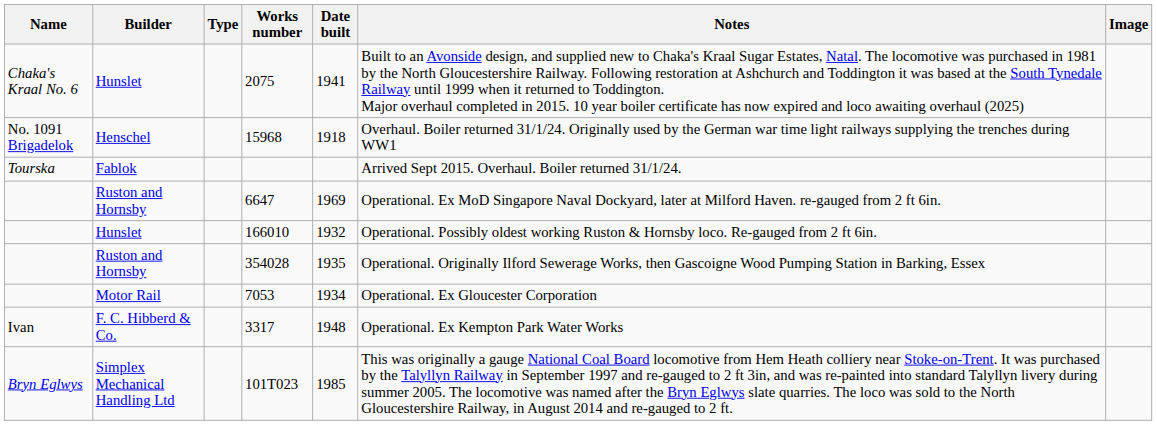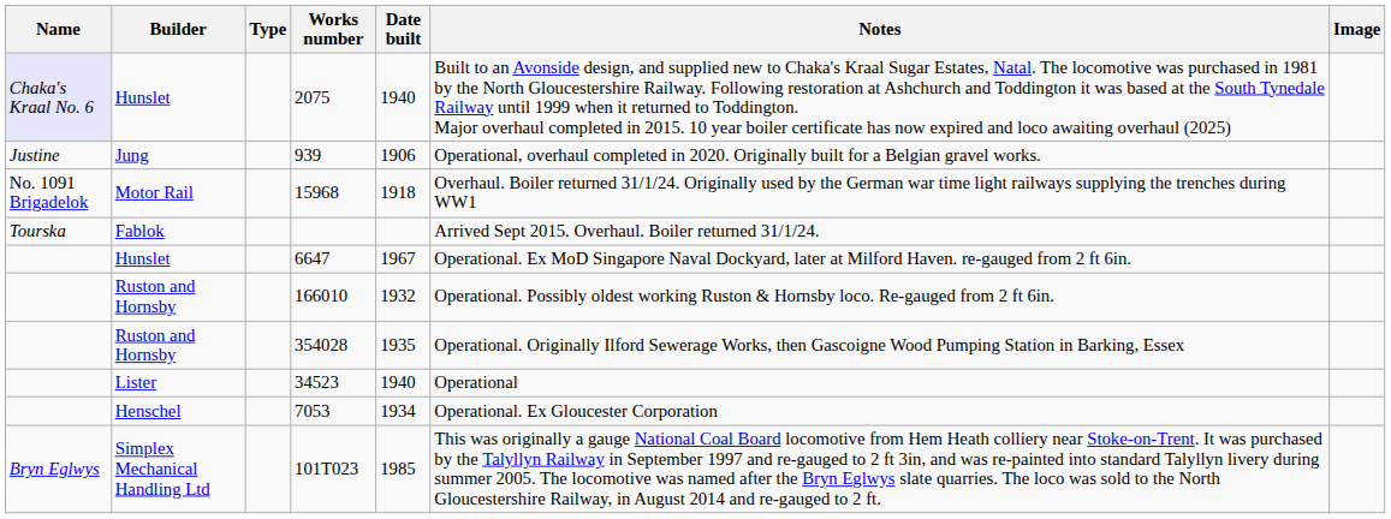 <table class="wikitable">
 <tr>
 <th>Name</th>
 <th>Builder</th>
 <th>Type</th>
 <th>Works number</th>
 <th>Date built</th>
 <th>Notes</th>
 <th>Image</th>
 </tr>
 <tr>
-<td><em>Chaka's Kraal No. 6</em></td>
+<td style="background: lavender;"><em>Chaka's Kraal No. 6</em></td>
 <td><a href='#'>Hunslet</a></td>
 <td></td>
 <td>2075</td>
-<td>1941</td>
+<td>1940</td>
 <td>Built to an <a href='#'>Avonside</a> design, and supplied new to Chaka's Kraal Sugar Estates, <a href='#'>Natal</a>. The locomotive was purchased in 1981 by the North Gloucestershire Railway. Following restoration at Ashchurch and Toddington it was based at the <a href='#'>South Tynedale Railway</a> until 1999 when it returned to Toddington.<br>Major overhaul completed in 2015. 10 year boiler certificate has now expired and loco awaiting overhaul (2025)</td>
 <td></td>
 </tr>
 <tr>
+<td><em>Justine</em></td>
+<td><a href='#'>Jung</a></td>
+<td></td>
+<td>939</td>
+<td>1906</td>
+<td>Operational, overhaul completed in 2020. Originally built for a Belgian gravel works.</td>
+<td></td>
+</tr>
+<tr>
 <td>No. 1091 <a href='#'>Brigadelok</a></td>
-<td><a href='#'>Henschel</a></td>
+<td><a href='#'>Motor Rail</a></td>
 <td></td>
 <td>15968</td>
 <td>1918</td>
 <td>Overhaul. Boiler returned 31/1/24. Originally used by the German war time light railways supplying the trenches during WW1</td>
 <td></td>
 </tr>
 <tr>
 <td><em>Tourska</em></td>
 <td><a href='#'>Fablok</a></td>
 <td></td>
 <td></td>
 <td></td>
 <td>Arrived Sept 2015. Overhaul. Boiler returned 31/1/24.</td>
 <td></td>
 </tr>
 <tr>
 <td></td>
-<td><a href='#'>Ruston and Hornsby</a></td>
+<td><a href='#'>Hunslet</a></td>
 <td></td>
 <td>6647</td>
-<td>1969</td>
+<td>1967</td>
 <td>Operational. Ex MoD Singapore Naval Dockyard, later at Milford Haven. re-gauged from 2 ft 6in.</td>
 <td></td>
 </tr>
 <tr>
 <td></td>
-<td><a href='#'>Hunslet</a></td>
+<td><a href='#'>Ruston and Hornsby</a></td>
 <td></td>
 <td>166010</td>
 <td>1932</td>
 <td>Operational. Possibly oldest working Ruston & Hornsby loco. Re-gauged from 2 ft 6in.</td>
 <td></td>
 </tr>
 <tr>
 <td></td>
 <td><a href='#'>Ruston and Hornsby</a></td>
 <td></td>
 <td>354028</td>
 <td>1935</td>
 <td>Operational. Originally Ilford Sewerage Works, then Gascoigne Wood Pumping Station in Barking, Essex</td>
 <td></td>
 </tr>
 <tr>
 <td></td>
-<td><a href='#'>Motor Rail</a></td>
+<td><a href='#'>Lister</a></td>
+<td></td>
+<td>34523</td>
+<td>1940</td>
+<td>Operational</td>
+<td></td>
+</tr>
+<tr>
+<td></td>
+<td><a href='#'>Henschel</a></td>
 <td></td>
 <td>7053</td>
 <td>1934</td>
 <td>Operational. Ex Gloucester Corporation</td>
-<td></td>
-</tr>
-<tr>
-<td>Ivan</td>
-<td><a href='#'>F. C. Hibberd & Co.</a></td>
-<td></td>
-<td>3317</td>
-<td>1948</td>
-<td>Operational. Ex Kempton Park Water Works</td>
 <td></td>
 </tr>
 <tr>
 <td><em><a href='#'>Bryn Eglwys</a></em></td>
 <td><a href='#'>Simplex Mechanical Handling Ltd</a></td>
 <td></td>
 <td>101T023</td>
 <td>1985</td>
 <td>This was originally a  gauge <a href='#'>National Coal Board</a> locomotive from Hem Heath colliery near <a href='#'>Stoke-on-Trent</a>. It was purchased by the <a href='#'>Talyllyn Railway</a> in September 1997 and re-gauged to 2 ft 3in, and was re-painted into standard Talyllyn livery during summer 2005. The locomotive was named after the <a href='#'>Bryn Eglwys</a> slate quarries. The loco was sold to the North Gloucestershire Railway, in August 2014 and re-gauged to 2 ft.</td>
 <td></td>
 </tr>
 </table>
